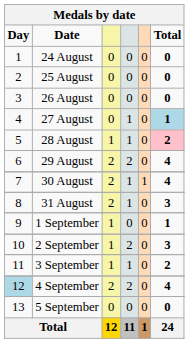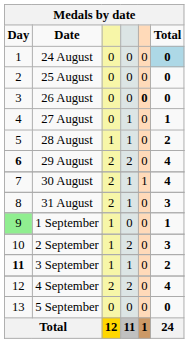 <table class="wikitable" style="font-size:85%">
 <tr style="background:#efefef;">
 <th colspan=6>Medals by date</th>
 </tr>
 <tr style="text-align:center;">
 <td><strong>Day</strong></td>
 <td><strong>Date</strong></td>
 <td style="background:#F7F6A8;"></td>
 <td style="background:#DCE5E5;"></td>
 <td style="background:#FFDAB9;"></td>
 <td><strong>Total</strong></td>
 </tr>
 <tr style="text-align:center;">
 <td>1</td>
 <td>24 August</td>
 <td style="background:#F7F6A8;">0</td>
 <td style="background:#DCE5E5;">0</td>
 <td style="background:#FFDAB9;">0</td>
-<td><strong>0</strong></td>
+<td style="background: lightblue;"><strong>0</strong></td>
 </tr>
 <tr style="text-align:center;">
 <td>2</td>
 <td>25 August</td>
 <td style="background:#F7F6A8;">0</td>
 <td style="background:#DCE5E5;">0</td>
 <td style="background:#FFDAB9;">0</td>
 <td><strong>0</strong></td>
 </tr>
 <tr style="text-align:center;">
 <td>3</td>
 <td>26 August</td>
 <td style="background:#F7F6A8;">0</td>
 <td style="background:#DCE5E5;">0</td>
-<td style="background:#FFDAB9;">0</td>
+<td style="background:#FFDAB9;"><strong>0</strong></td>
 <td><strong>0</strong></td>
 </tr>
 <tr style="text-align:center;">
 <td>4</td>
 <td>27 August</td>
 <td style="background:#F7F6A8;">0</td>
 <td style="background:#DCE5E5;">1</td>
 <td style="background:#FFDAB9;">0</td>
-<td style="background: lightblue;"><strong>1</strong></td>
+<td><strong>1</strong></td>
 </tr>
 <tr style="text-align:center;">
 <td>5</td>
 <td>28 August</td>
 <td style="background:#F7F6A8;">1</td>
 <td style="background:#DCE5E5;">1</td>
 <td style="background:#FFDAB9;">0</td>
-<td style="background: pink;"><strong>2</strong></td>
+<td><strong>2</strong></td>
 </tr>
 <tr>
 </tr>
 <tr style="text-align:center;">
-<td>6</td>
+<td><strong>6</strong></td>
 <td>29 August</td>
 <td style="background:#F7F6A8;">2</td>
 <td style="background:#DCE5E5;">2</td>
 <td style="background:#FFDAB9;">0</td>
 <td><strong>4</strong></td>
 </tr>
 <tr>
 </tr>
 <tr style="text-align:center;">
 <td>7</td>
 <td>30 August</td>
 <td style="background:#F7F6A8;">2</td>
 <td style="background:#DCE5E5;">1</td>
 <td style="background:#FFDAB9;">1</td>
 <td><strong>4</strong></td>
 </tr>
 <tr>
 </tr>
 <tr style="text-align:center;">
 <td>8</td>
 <td>31 August</td>
 <td style="background:#F7F6A8;">2</td>
 <td style="background:#DCE5E5;">1</td>
 <td style="background:#FFDAB9;">0</td>
 <td><strong>3</strong></td>
 </tr>
 <tr>
 </tr>
 <tr style="text-align:center;">
-<td>9</td>
+<td style="background: lightgreen;">9</td>
 <td>1 September</td>
 <td style="background:#F7F6A8;">1</td>
 <td style="background:#DCE5E5;">0</td>
 <td style="background:#FFDAB9;">0</td>
 <td><strong>1</strong></td>
 </tr>
 <tr>
 </tr>
 <tr style="text-align:center;">
 <td>10</td>
 <td>2 September</td>
 <td style="background:#F7F6A8;">1</td>
 <td style="background:#DCE5E5;">2</td>
 <td style="background:#FFDAB9;">0</td>
 <td><strong>3</strong></td>
 </tr>
 <tr>
 </tr>
 <tr style="text-align:center;">
-<td>11</td>
+<td><strong>11</strong></td>
 <td>3 September</td>
 <td style="background:#F7F6A8;">1</td>
 <td style="background:#DCE5E5;">1</td>
 <td style="background:#FFDAB9;">0</td>
 <td><strong>2</strong></td>
 </tr>
 <tr>
 </tr>
 <tr style="text-align:center;">
-<td style="background: lightblue;">12</td>
+<td>12</td>
 <td>4 September</td>
 <td style="background:#F7F6A8;">2</td>
 <td style="background:#DCE5E5;">2</td>
 <td style="background:#FFDAB9;">0</td>
 <td><strong>4</strong></td>
 </tr>
 <tr>
 </tr>
 <tr style="text-align:center;">
 <td>13</td>
 <td>5 September</td>
 <td style="background:#F7F6A8;">0</td>
 <td style="background:#DCE5E5;">0</td>
 <td style="background:#FFDAB9;">0</td>
 <td><strong>0</strong></td>
 </tr>
 <tr>
 <th colspan="2">Total</th>
 <th style="background:gold;">12</th>
 <th style="background:silver;">11</th>
 <th style="background:#c96;">1</th>
 <th>24</th>
 </tr>
 </table>
